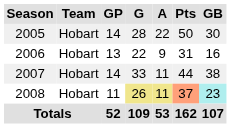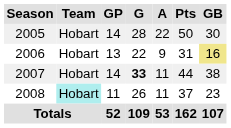 <table BORDER="0" CELLPADDING="3" CELLSPACING="0">
 <tr ALIGN="center" bgcolor="#e0e0e0">
 <th>Season</th>
 <th>Team</th>
 <th>GP</th>
 <th>G</th>
 <th>A</th>
 <th>Pts</th>
 <th>GB</th>
 </tr>
 <tr ALIGN="center" bgcolor="#f0f0f0">
 <td>2005</td>
 <td>Hobart</td>
 <td>14</td>
 <td>28</td>
 <td>22</td>
 <td>50</td>
 <td>30</td>
 </tr>
 <tr ALIGN="center">
 <td>2006</td>
 <td>Hobart</td>
 <td>13</td>
 <td>22</td>
 <td>9</td>
 <td>31</td>
-<td>16</td>
+<td style="background: khaki;">16</td>
 </tr>
 <tr ALIGN="center" bgcolor="#f0f0f0">
 <td>2007</td>
 <td>Hobart</td>
 <td>14</td>
-<td>33</td>
+<td><strong>33</strong></td>
 <td>11</td>
 <td>44</td>
 <td>38</td>
 </tr>
 <tr ALIGN="center">
 <td>2008</td>
-<td>Hobart</td>
+<td style="background: paleturquoise;">Hobart</td>
 <td>11</td>
-<td style="background: khaki;">26</td>
-<td style="background: khaki;">11</td>
-<td style="background: lightsalmon;">37</td>
-<td style="background: paleturquoise;">23</td>
+<td>26</td>
+<td>11</td>
+<td>37</td>
+<td>23</td>
 </tr>
 <tr ALIGN="center" bgcolor="#e0e0e0">
 <th colspan="2.5">Totals</th>
 <th>52</th>
 <th>109</th>
 <th>53</th>
 <th>162</th>
 <th>107</th>
 </tr>
 </table>
